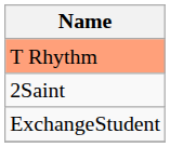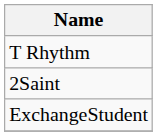 <table class="wikitable">
 <tr>
 <th align="left">Name</th>
 </tr>
 <tr>
-<td align="left" style="background: lightsalmon;">T Rhythm</td>
+<td align="left">T Rhythm</td>
 </tr>
 <tr>
 <td align="left">2Saint</td>
 </tr>
 <tr>
 <td align="left">ExchangeStudent</td>
 </tr>
 <tr>
 </tr>
 </table>
